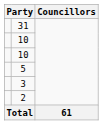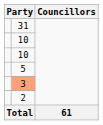 <table class="wikitable">
 <tr>
 <th colspan=2>Party</th>
 <th>Councillors</th>
 </tr>
 <tr>
 <td></td>
 <td align=center>31</td>
 </tr>
 <tr>
 <td></td>
 <td align=center>10</td>
 </tr>
 <tr>
 <td></td>
 <td align=center>10</td>
 </tr>
 <tr>
 <td></td>
 <td align=center>5</td>
 </tr>
 <tr>
 <td></td>
-<td align=center>3</td>
+<td align=center style="background: lightsalmon;">3</td>
 </tr>
 <tr>
 <td></td>
 <td align=center>2</td>
 </tr>
 <tr>
 <th colspan=2>Total</th>
 <th>61</th>
 </tr>
 </table>
